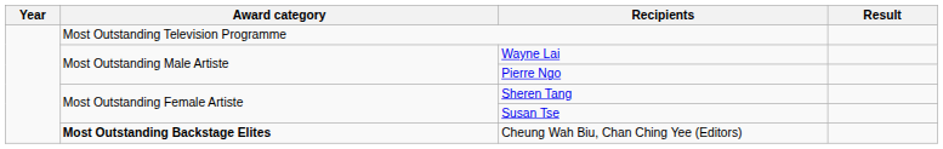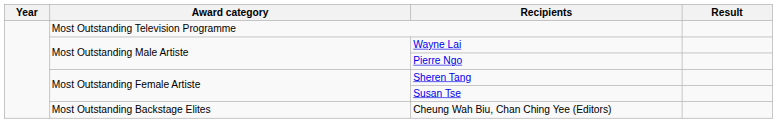 <table class="wikitable" width="95%" cellpadding="5">
 <tr>
 <th width="5%">Year</th>
 <th width="40%">Award category</th>
 <th width="30%">Recipients</th>
 <th width="10%">Result</th>
 </tr>
 <tr>
 <td rowspan="6"></td>
 <td colspan="2">Most Outstanding Television Programme</td>
 <td></td>
 </tr>
 <tr>
 <td rowspan="2">Most Outstanding Male Artiste</td>
 <td><a href='#'>Wayne Lai</a></td>
 <td></td>
 </tr>
 <tr>
 <td><a href='#'>Pierre Ngo</a></td>
 <td></td>
 </tr>
 <tr>
 <td rowspan="2">Most Outstanding Female Artiste</td>
 <td><a href='#'>Sheren Tang</a></td>
 <td></td>
 </tr>
 <tr>
 <td><a href='#'>Susan Tse</a></td>
 <td></td>
 </tr>
 <tr>
-<td><strong>Most Outstanding Backstage Elites</strong></td>
+<td>Most Outstanding Backstage Elites</td>
 <td>Cheung Wah Biu, Chan Ching Yee (Editors)</td>
 <td></td>
 </tr>
 </table>
